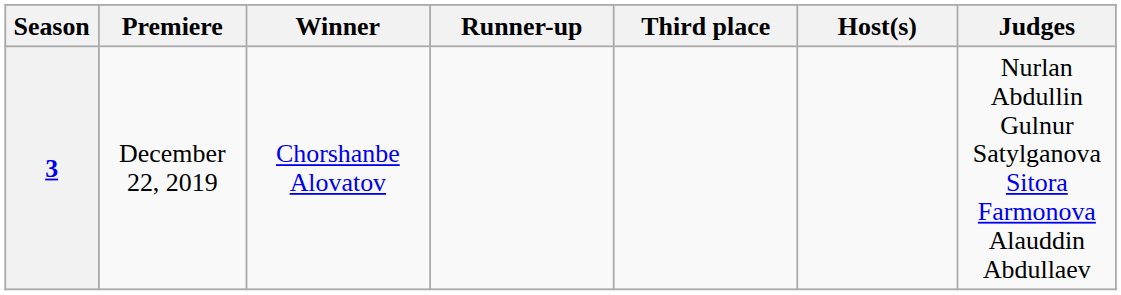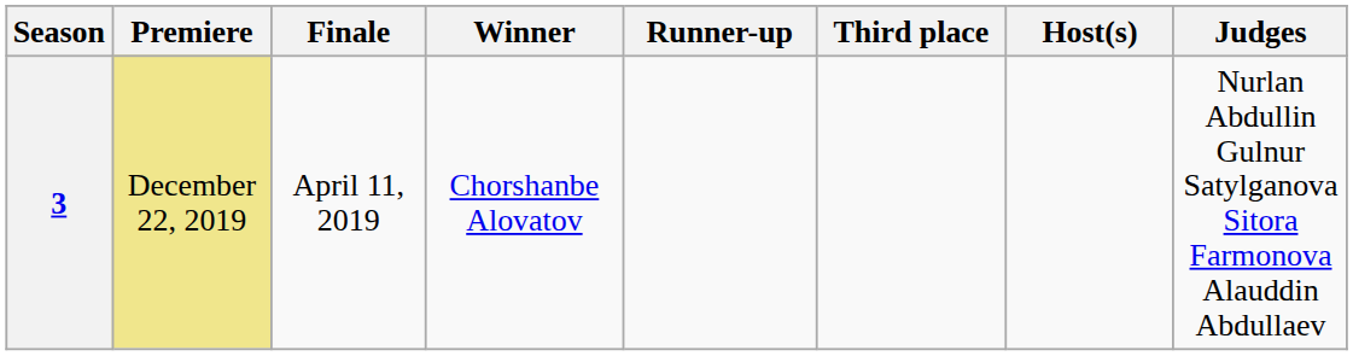 <table class="wikitable" style="margin-left: auto; margin-right: auto; text-align:center; font-size:90%; line-height:16px;" width="70%">
 <tr>
 <th width="05%">Season</th>
 <th width="12%">Premiere</th>
+<th width="12%">Finale</th>
 <th width="15%">Winner</th>
 <th width="15%">Runner-up</th>
 <th width="15%">Third place</th>
 <th width="13%">Host(s)</th>
 <th width="13%">Judges</th>
 </tr>
 <tr>
 <th><a href='#'>3</a></th>
-<td>December 22, 2019</td>
+<td style="background: khaki;">December 22, 2019</td>
+<td>April 11, 2019</td>
 <td><a href='#'>Chorshanbe Alovatov</a></td>
 <td></td>
 <td></td>
 <td></td>
 <td>Nurlan Abdullin<br>Gulnur Satylganova <a href='#'>Sitora Farmonova</a> Alauddin Abdullaev</td>
 </tr>
 </table>
